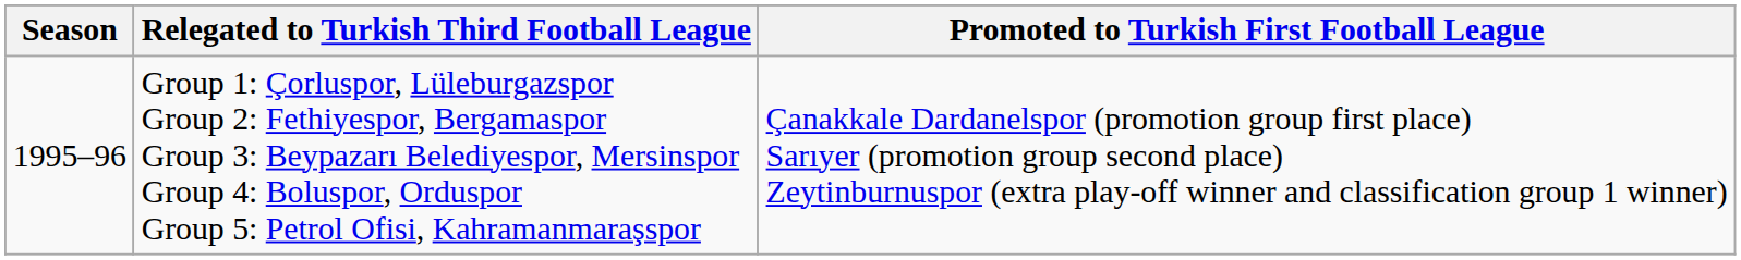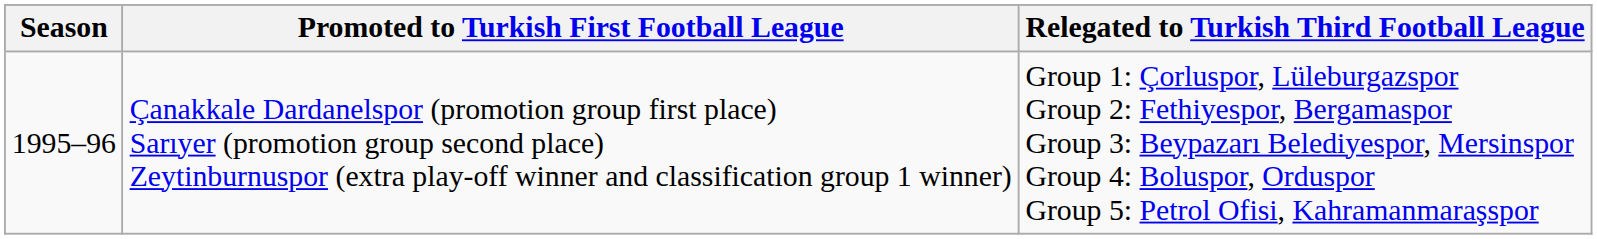 <table class="wikitable">
 <tr>
 <th>Season</th>
+<th>Promoted to <a href='#'>Turkish First Football League</a></th>
 <th>Relegated to <a href='#'>Turkish Third Football League</a></th>
-<th>Promoted to <a href='#'>Turkish First Football League</a></th>
 </tr>
 <tr>
 <td>1995–96</td>
+<td><a href='#'>Çanakkale Dardanelspor</a> (promotion group first place)<br><a href='#'>Sarıyer</a> (promotion group second place)<br><a href='#'>Zeytinburnuspor</a> (extra play-off winner and classification group 1 winner)</td>
 <td>Group 1: <a href='#'>Çorluspor</a>, <a href='#'>Lüleburgazspor</a><br>Group 2: <a href='#'>Fethiyespor</a>, <a href='#'>Bergamaspor</a><br>Group 3: <a href='#'>Beypazarı Belediyespor</a>, <a href='#'>Mersinspor</a><br>Group 4: <a href='#'>Boluspor</a>, <a href='#'>Orduspor</a><br>Group 5: <a href='#'>Petrol Ofisi</a>, <a href='#'>Kahramanmaraşspor</a></td>
-<td><a href='#'>Çanakkale Dardanelspor</a> (promotion group first place)<br><a href='#'>Sarıyer</a> (promotion group second place)<br><a href='#'>Zeytinburnuspor</a> (extra play-off winner and classification group 1 winner)</td>
 </tr>
 </table>
